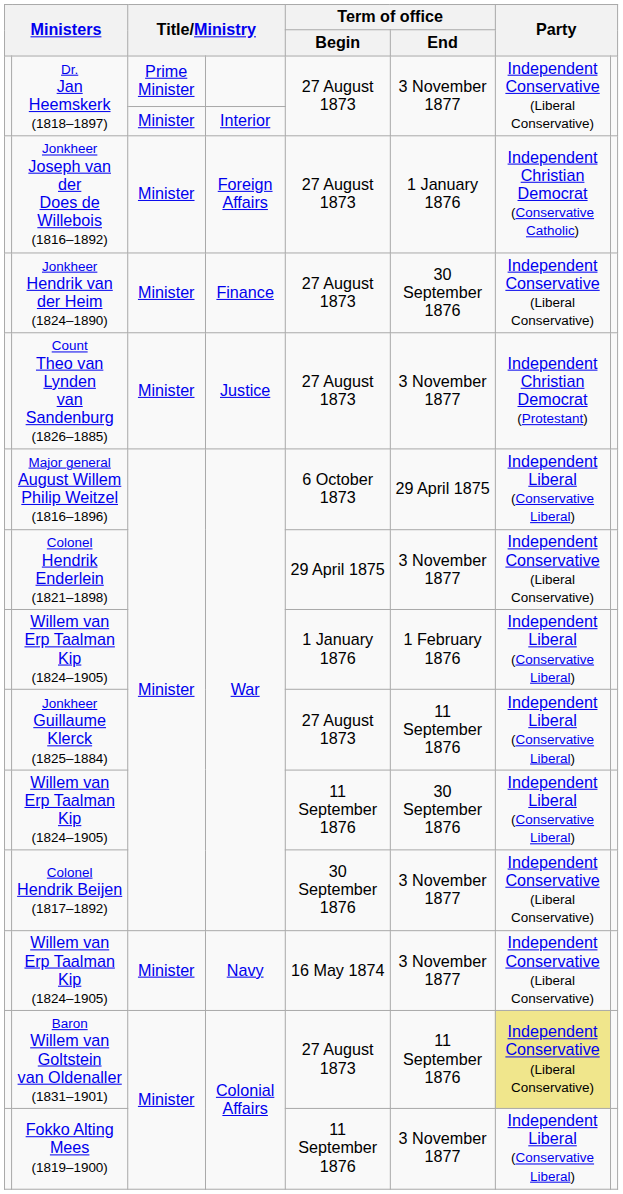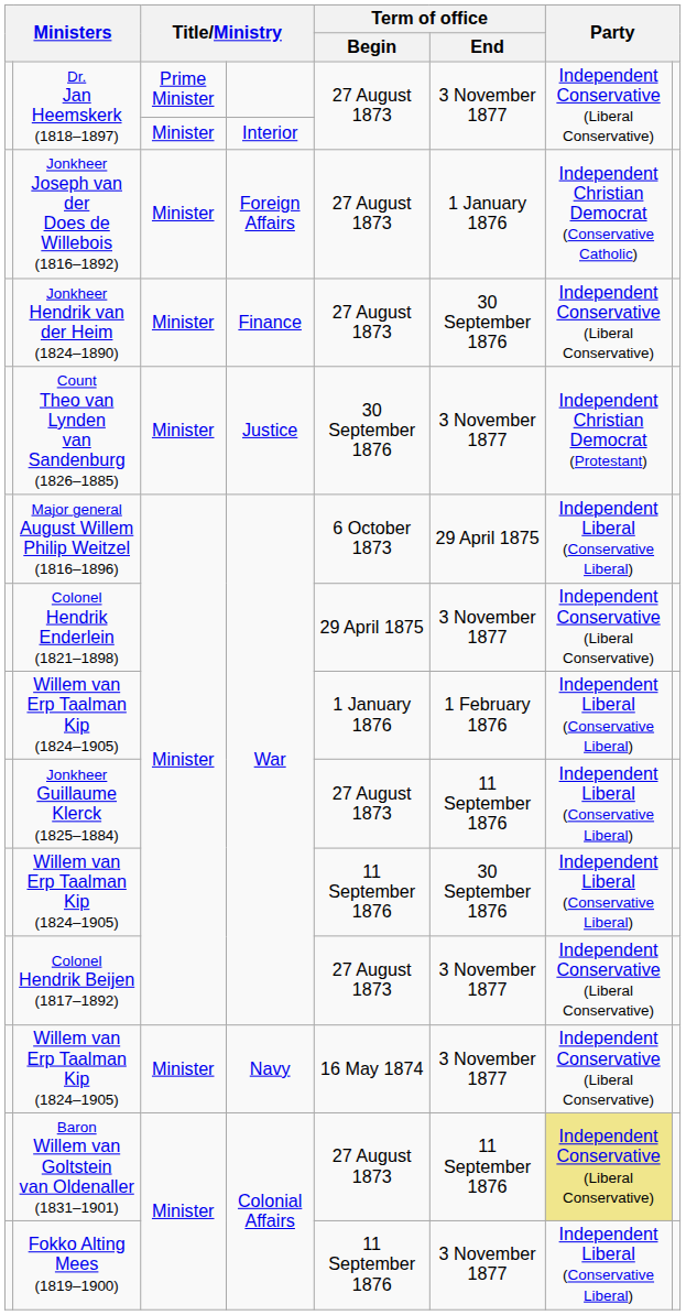 <table class="wikitable sortable" style="text-align:center">
 <tr>
 <th rowspan=2 colspan=2><a href='#'>Ministers</a></th>
 <th rowspan=2 colspan=2>Title/<a href='#'>Ministry</a></th>
 <th class=unsortable colspan="2">Term of office</th>
 <th rowspan=2 colspan=2>Party</th>
 </tr>
 <tr>
 <th data-sort-type=date>Begin</th>
 <th data-sort-type=date>End</th>
 </tr>
 <tr>
 <td rowspan=2></td>
 <td rowspan=2><small><a href='#'>Dr.</a></small> <br> <a href='#'>Jan Heemskerk</a> <br> <small>(1818–1897)</small></td>
 <td><a href='#'>Prime Minister</a></td>
 <td></td>
 <td rowspan=2>27 August 1873</td>
 <td rowspan=2>3 November 1877</td>
 <td rowspan=2><a href='#'>Independent <br> Conservative</a> <br> <small>(Liberal Conservative)</small></td>
 <td rowspan=2 style="background:"></td>
 </tr>
 <tr>
 <td><a href='#'>Minister</a></td>
 <td><a href='#'>Interior</a></td>
 </tr>
 <tr>
 <td></td>
 <td><small><a href='#'>Jonkheer</a></small> <br> <a href='#'>Joseph van der <br> Does de Willebois</a> <br> <small>(1816–1892)</small></td>
 <td><a href='#'>Minister</a></td>
 <td><a href='#'>Foreign Affairs</a></td>
 <td>27 August 1873</td>
 <td>1 January 1876</td>
 <td><a href='#'>Independent <br> Christian Democrat</a> <br> <small>(<a href='#'>Conservative Catholic</a>)</small></td>
 <td style="background:"></td>
 </tr>
 <tr>
 <td></td>
 <td><small><a href='#'>Jonkheer</a></small> <br> <a href='#'>Hendrik van der Heim</a> <br> <small>(1824–1890)</small></td>
 <td><a href='#'>Minister</a></td>
 <td><a href='#'>Finance</a></td>
 <td>27 August 1873</td>
 <td>30 September 1876</td>
 <td><a href='#'>Independent <br> Conservative</a> <br> <small>(Liberal Conservative)</small></td>
 <td style="background:"></td>
 </tr>
 <tr>
 <td></td>
 <td><small><a href='#'>Count</a></small> <br> <a href='#'>Theo van Lynden <br> van Sandenburg</a> <br> <small>(1826–1885)</small></td>
 <td><a href='#'>Minister</a></td>
 <td><a href='#'>Justice</a></td>
-<td>27 August 1873</td>
+<td>30 September 1876</td>
 <td>3 November 1877</td>
 <td><a href='#'>Independent <br> Christian Democrat</a> <br> <small>(<a href='#'>Protestant</a>)</small></td>
 <td style="background:"></td>
 </tr>
 <tr>
 <td></td>
 <td><small><a href='#'>Major general</a></small> <br> <a href='#'>August Willem <br> Philip Weitzel</a> <br> <small>(1816–1896)</small></td>
 <td rowspan=6><a href='#'>Minister</a></td>
 <td rowspan=6><a href='#'>War</a></td>
 <td>6 October 1873</td>
 <td>29 April 1875 </td>
 <td><a href='#'>Independent <br> Liberal</a> <br> <small>(<a href='#'>Conservative Liberal</a>)</small></td>
 <td style="background:"></td>
 </tr>
 <tr>
 <td></td>
 <td><small><a href='#'>Colonel</a></small> <br> <a href='#'>Hendrik Enderlein</a> <br> <small>(1821–1898)</small></td>
 <td>29 April 1875</td>
 <td>3 November 1877</td>
 <td><a href='#'>Independent <br> Conservative</a> <br> <small>(Liberal Conservative)</small></td>
 <td style="background:"></td>
 </tr>
 <tr>
 <td></td>
 <td><a href='#'>Willem van <br> Erp Taalman Kip</a> <br> <small>(1824–1905)</small></td>
 <td>1 January 1876</td>
 <td>1 February 1876</td>
 <td><a href='#'>Independent <br> Liberal</a> <br> <small>(<a href='#'>Conservative Liberal</a>)</small></td>
 <td style="background:"></td>
 </tr>
 <tr>
 <td></td>
 <td><small><a href='#'>Jonkheer</a></small> <br> <a href='#'>Guillaume Klerck</a> <br> <small>(1825–1884)</small></td>
 <td>27 August 1873</td>
 <td>11 September 1876</td>
 <td><a href='#'>Independent <br> Liberal</a> <br> <small>(<a href='#'>Conservative Liberal</a>)</small></td>
 <td style="background:"></td>
 </tr>
 <tr>
 <td></td>
 <td><a href='#'>Willem van <br> Erp Taalman Kip</a> <br> <small>(1824–1905)</small></td>
 <td>11 September 1876</td>
 <td>30 September 1876</td>
 <td><a href='#'>Independent <br> Liberal</a> <br> <small>(<a href='#'>Conservative Liberal</a>)</small></td>
 <td style="background:"></td>
 </tr>
 <tr>
 <td></td>
 <td><small><a href='#'>Colonel</a></small> <br> <a href='#'>Hendrik Beijen</a> <br> <small>(1817–1892)</small></td>
-<td>30 September 1876</td>
+<td>27 August 1873</td>
 <td>3 November 1877</td>
 <td><a href='#'>Independent <br> Conservative</a> <br> <small>(Liberal Conservative)</small></td>
 <td style="background:"></td>
 </tr>
 <tr>
 <td></td>
 <td><a href='#'>Willem van <br> Erp Taalman Kip</a> <br> <small>(1824–1905)</small></td>
 <td><a href='#'>Minister</a></td>
 <td><a href='#'>Navy</a></td>
 <td>16 May 1874</td>
 <td>3 November 1877</td>
 <td><a href='#'>Independent <br> Conservative</a> <br> <small>(Liberal Conservative)</small></td>
 <td style="background:"></td>
 </tr>
 <tr>
 <td></td>
 <td><small><a href='#'>Baron</a></small> <br> <a href='#'>Willem van Goltstein <br> van Oldenaller</a> <br> <small>(1831–1901)</small></td>
 <td rowspan=2><a href='#'>Minister</a></td>
 <td rowspan=2><a href='#'>Colonial Affairs</a></td>
 <td>27 August 1873</td>
 <td>11 September 1876</td>
 <td style="background: khaki;"><a href='#'>Independent <br> Conservative</a> <br> <small>(Liberal Conservative)</small></td>
 <td style="background:"></td>
 </tr>
 <tr>
 <td></td>
 <td><a href='#'>Fokko Alting Mees</a> <br> <small>(1819–1900)</small></td>
 <td>11 September 1876</td>
 <td>3 November 1877</td>
 <td><a href='#'>Independent <br> Liberal</a> <br> <small>(<a href='#'>Conservative Liberal</a>)</small></td>
 <td style="background:"></td>
 </tr>
 </table>
